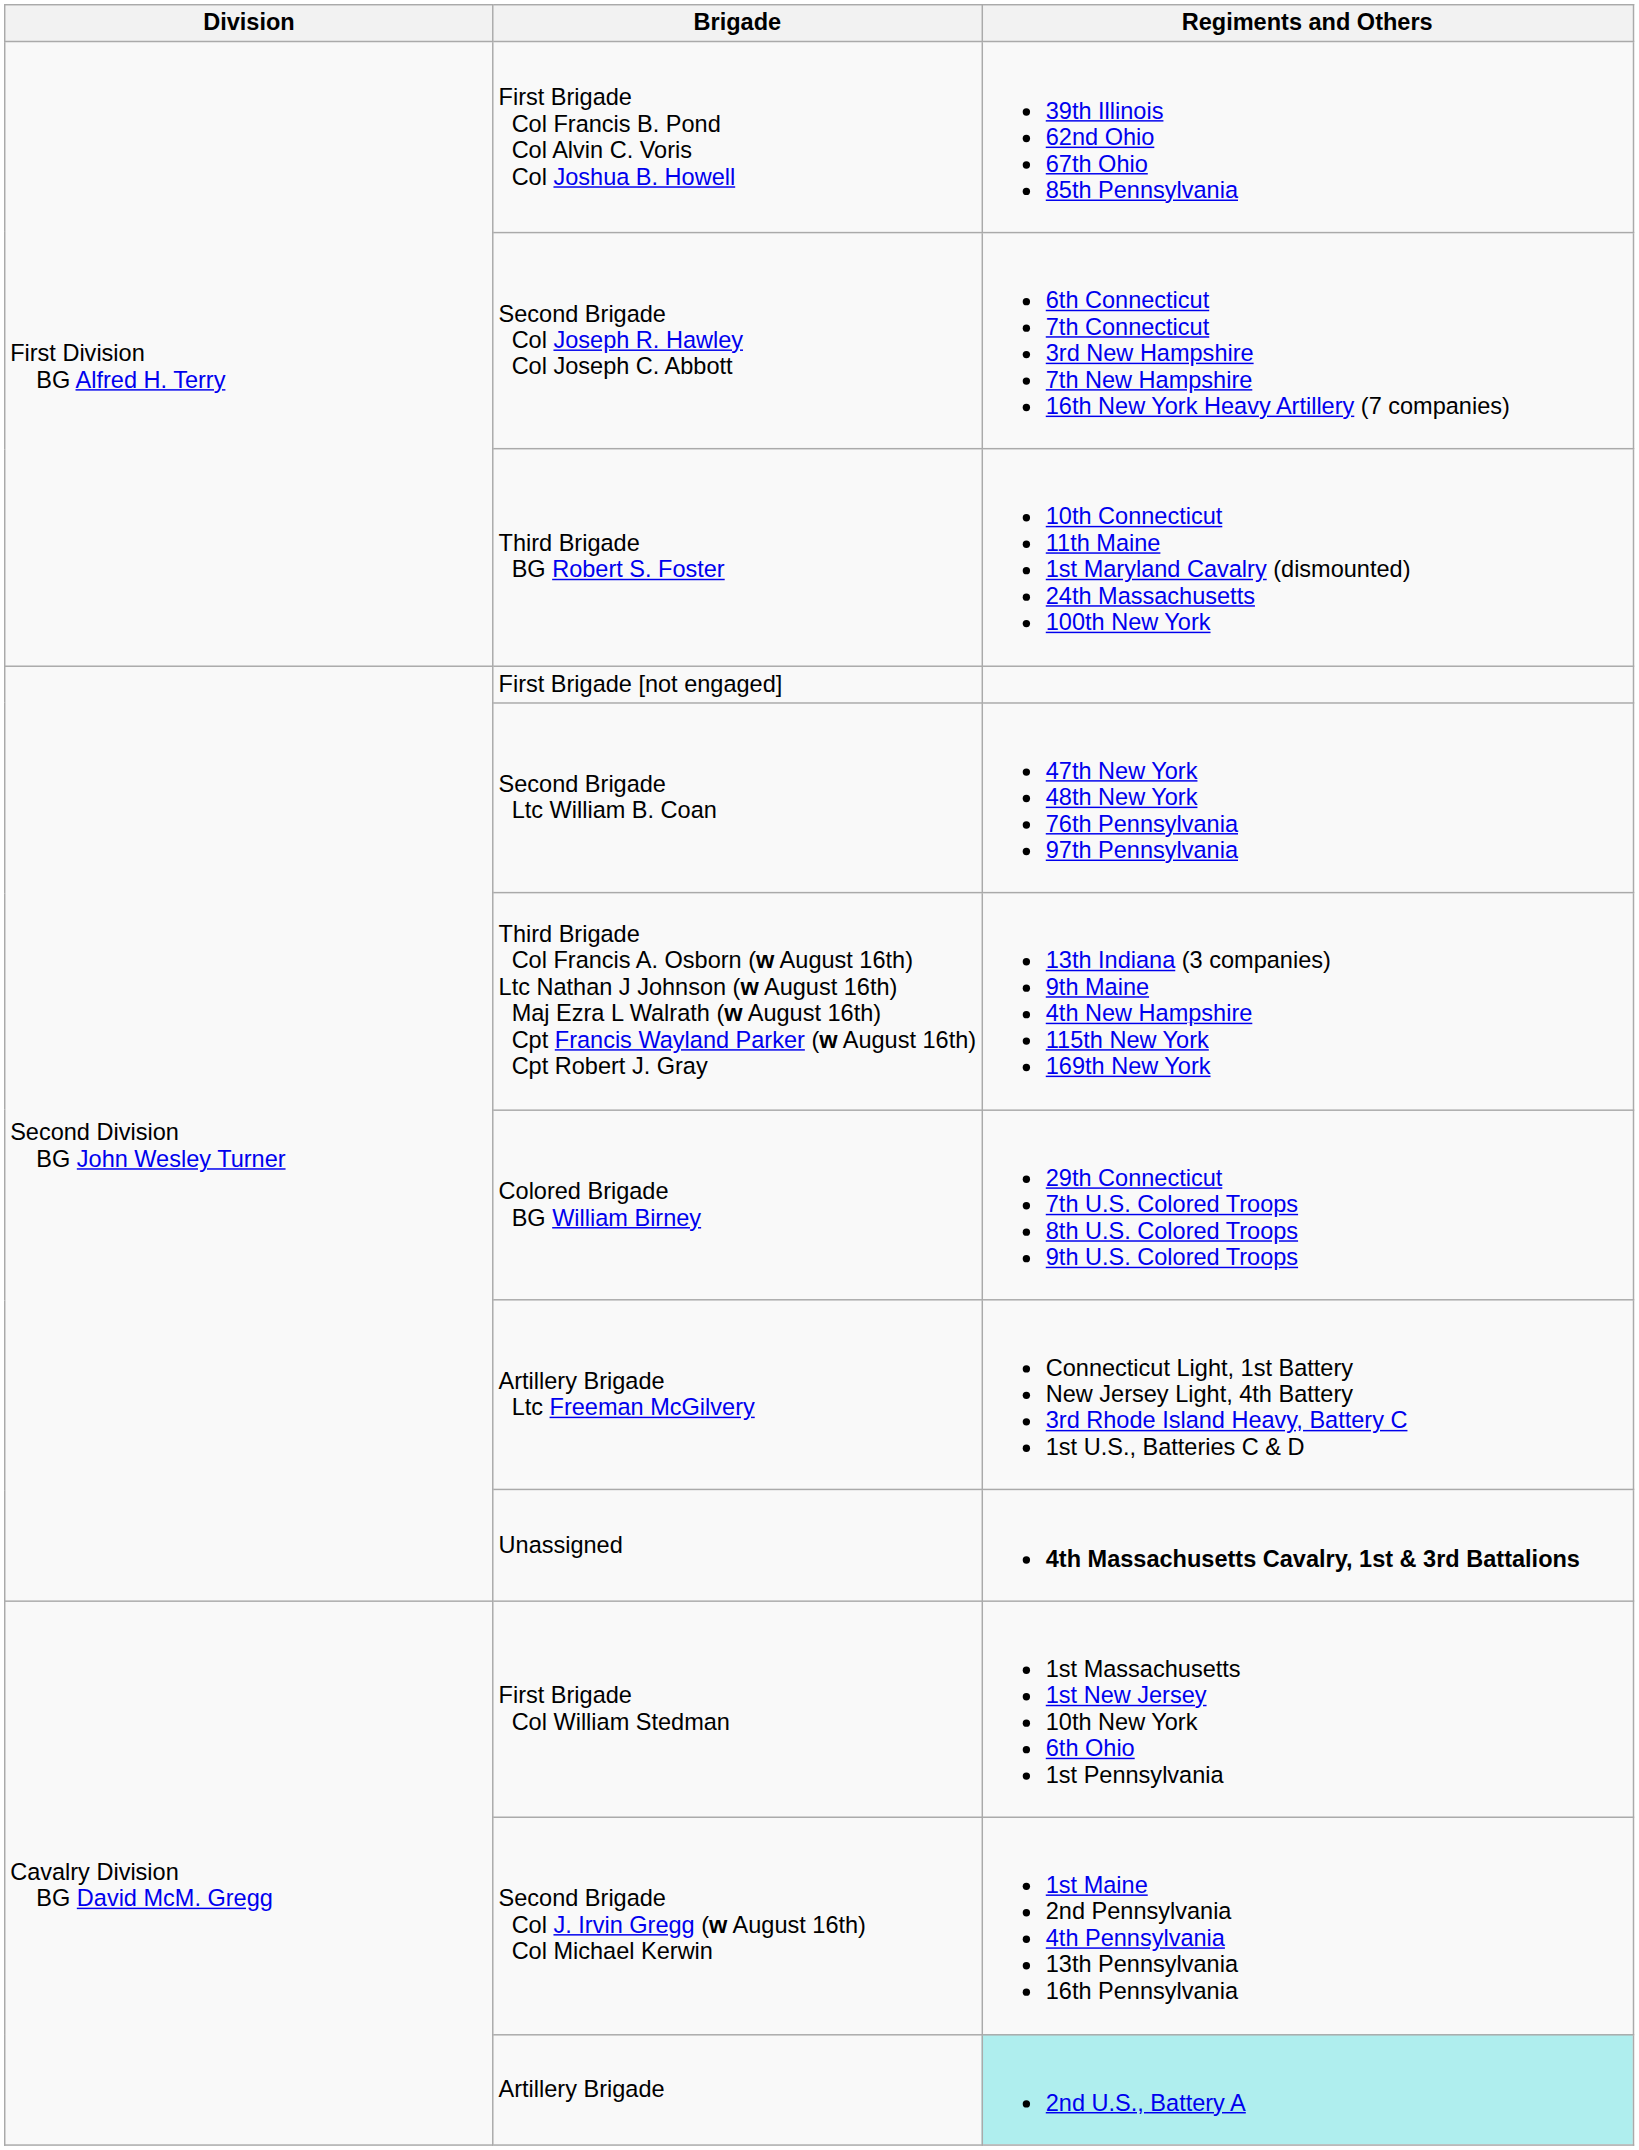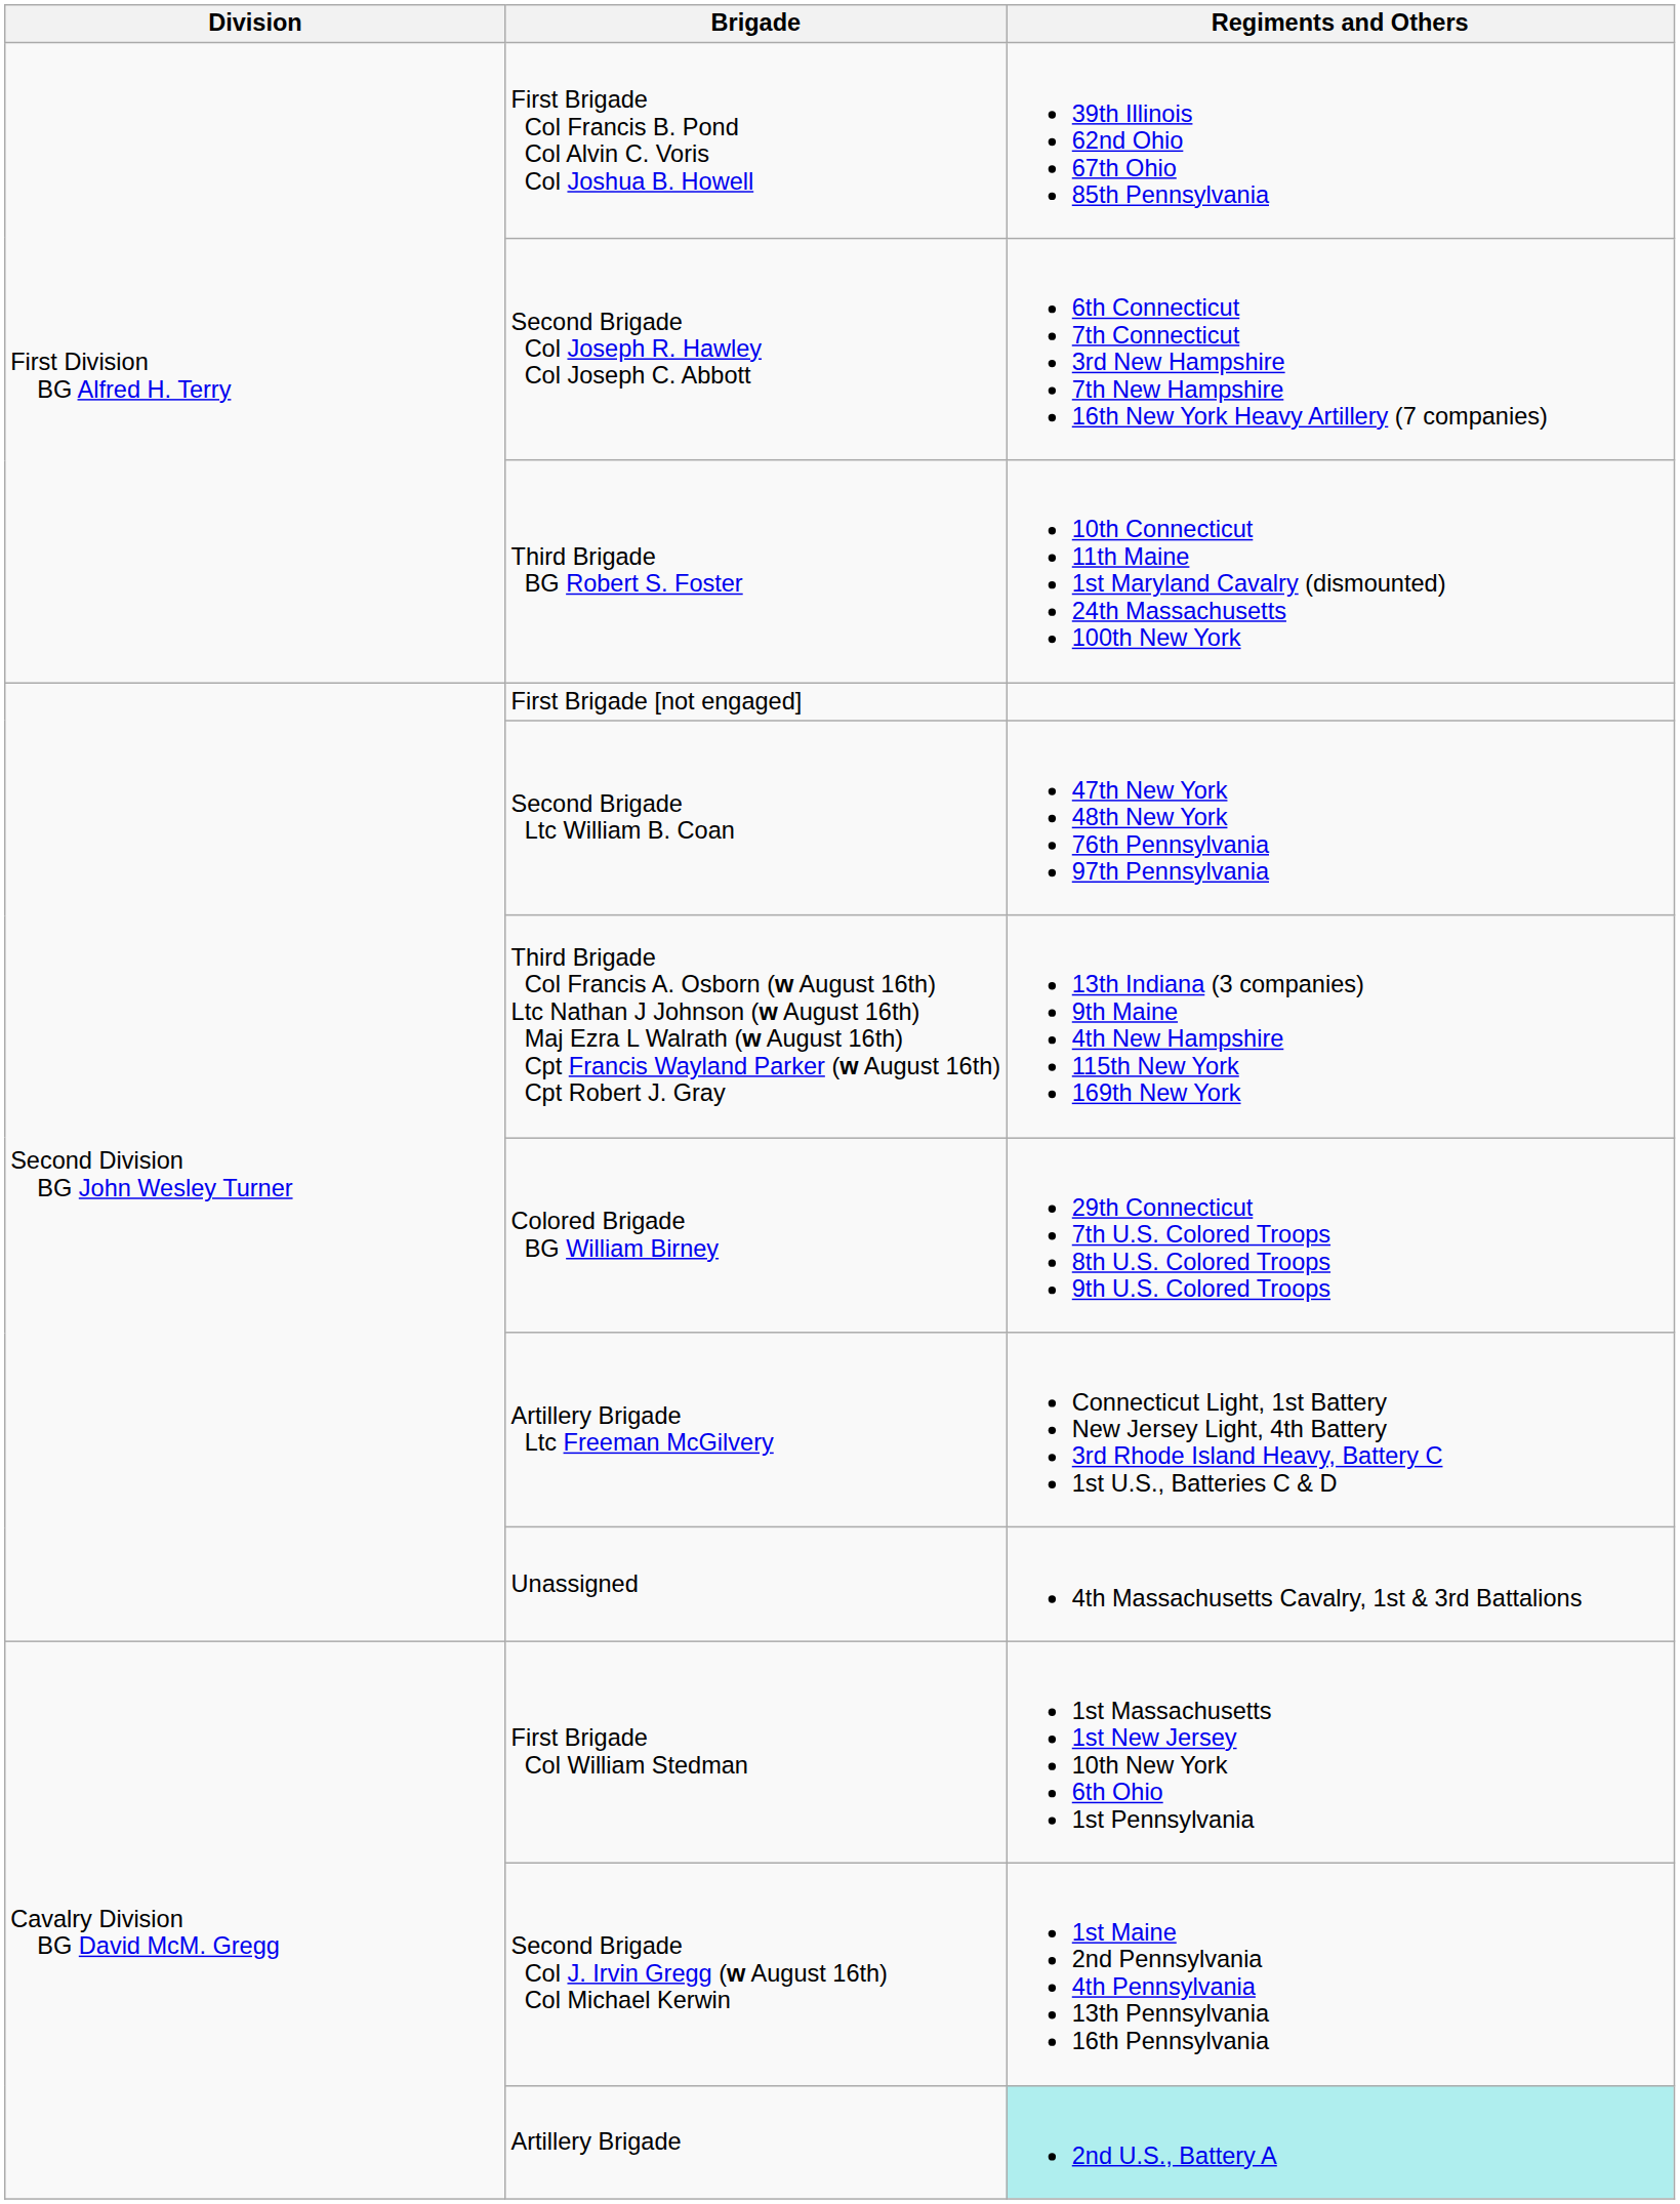 <table class="wikitable">
 <tr>
 <th width=30%>Division</th>
 <th width=30%>Brigade</th>
 <th>Regiments and Others</th>
 </tr>
 <tr>
 <td rowspan=3><br>First Division <br>    BG <a href='#'>Alfred H. Terry</a></td>
 <td>First Brigade<br>  Col Francis B. Pond <br>  Col Alvin C. Voris <br>  Col <a href='#'>Joshua B. Howell</a></td>
 <td><br><ul><li><a href='#'>39th Illinois</a></li><li><a href='#'>62nd Ohio</a></li><li><a href='#'>67th Ohio</a></li><li><a href='#'>85th Pennsylvania</a></li></ul></td>
 </tr>
 <tr>
 <td>Second Brigade<br>  Col <a href='#'>Joseph R. Hawley</a> <br>  Col Joseph C. Abbott</td>
 <td><br><ul><li><a href='#'>6th Connecticut</a></li><li><a href='#'>7th Connecticut</a></li><li><a href='#'>3rd New Hampshire</a></li><li><a href='#'>7th New Hampshire</a></li><li><a href='#'>16th New York Heavy Artillery</a> (7 companies)</li></ul></td>
 </tr>
 <tr>
 <td>Third Brigade<br>  BG <a href='#'>Robert S. Foster</a></td>
 <td><br><ul><li><a href='#'>10th Connecticut</a></li><li><a href='#'>11th Maine</a></li><li><a href='#'>1st Maryland Cavalry</a> (dismounted)</li><li><a href='#'>24th Massachusetts</a></li><li><a href='#'>100th New York</a></li></ul></td>
 </tr>
 <tr>
 <td rowspan=6><br>Second Division <br>    BG <a href='#'>John Wesley Turner</a></td>
 <td>First Brigade [not engaged]</td>
 <td></td>
 </tr>
 <tr>
 <td>Second Brigade<br>  Ltc William B. Coan</td>
 <td><br><ul><li><a href='#'>47th New York</a></li><li><a href='#'>48th New York</a></li><li><a href='#'>76th Pennsylvania</a></li><li><a href='#'>97th Pennsylvania</a></li></ul></td>
 </tr>
 <tr>
 <td>Third Brigade<br>  Col Francis A. Osborn (<strong>w</strong> August 16th) <br>Ltc Nathan J Johnson (<strong>w</strong> August 16th) <br>  Maj Ezra L Walrath (<strong>w</strong> August 16th) <br>  Cpt <a href='#'>Francis Wayland Parker</a> (<strong>w</strong> August 16th) <br>  Cpt Robert J. Gray</td>
 <td><br><ul><li><a href='#'>13th Indiana</a> (3 companies)</li><li><a href='#'>9th Maine</a></li><li><a href='#'>4th New Hampshire</a></li><li><a href='#'>115th New York</a></li><li><a href='#'>169th New York</a></li></ul></td>
 </tr>
 <tr>
 <td>Colored Brigade<br>  BG <a href='#'>William Birney</a></td>
 <td><br><ul><li><a href='#'>29th Connecticut</a></li><li><a href='#'>7th U.S. Colored Troops</a></li><li><a href='#'>8th U.S. Colored Troops</a></li><li><a href='#'>9th U.S. Colored Troops</a></li></ul></td>
 </tr>
 <tr>
 <td>Artillery Brigade<br>  Ltc <a href='#'>Freeman McGilvery</a></td>
 <td><br><ul><li>Connecticut Light, 1st Battery</li><li>New Jersey Light, 4th Battery</li><li><a href='#'>3rd Rhode Island Heavy, Battery C</a></li><li>1st U.S., Batteries C & D</li></ul></td>
 </tr>
 <tr>
 <td>Unassigned</td>
-<td><strong><br><ul><li>4th Massachusetts Cavalry, 1st & 3rd Battalions</li></ul></strong></td>
+<td><br><ul><li>4th Massachusetts Cavalry, 1st & 3rd Battalions</li></ul></td>
 </tr>
 <tr>
 <td rowspan=3><br>Cavalry	Division <br>    BG <a href='#'>David McM. Gregg</a></td>
 <td>First Brigade<br>  Col William Stedman</td>
 <td><br><ul><li>1st Massachusetts</li><li><a href='#'>1st New Jersey</a></li><li>10th New York</li><li><a href='#'>6th Ohio</a></li><li>1st Pennsylvania</li></ul></td>
 </tr>
 <tr>
 <td>Second Brigade<br>  Col <a href='#'>J. Irvin Gregg</a> (<strong>w</strong> August 16th) <br>  Col Michael Kerwin</td>
 <td><br><ul><li><a href='#'>1st Maine</a></li><li>2nd Pennsylvania</li><li><a href='#'>4th Pennsylvania</a></li><li>13th Pennsylvania</li><li>16th Pennsylvania</li></ul></td>
 </tr>
 <tr>
 <td>Artillery Brigade</td>
 <td style="background: paleturquoise;"><br><ul><li><a href='#'>2nd U.S., Battery A</a></li></ul></td>
 </tr>
 </table>
